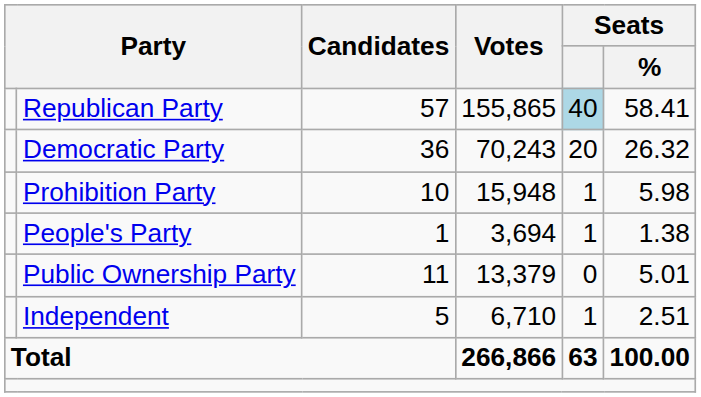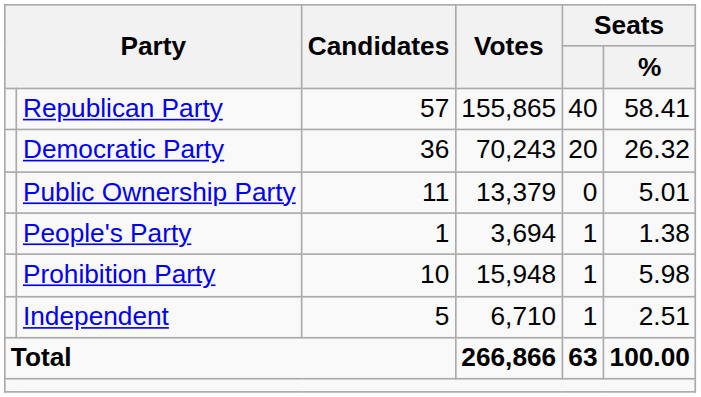 <table class="wikitable">
 <tr>
 <th colspan="2" rowspan="2">Party</th>
 <th rowspan="2">Candidates</th>
 <th colspan="1" rowspan="2">Votes</th>
 <th colspan="2">Seats</th>
 </tr>
 <tr>
 <th></th>
 <th>%</th>
 </tr>
 <tr>
 <td style="background-color:"></td>
 <td><a href='#'>Republican Party</a></td>
 <td align="right">57</td>
 <td align="right">155,865</td>
-<td align="right" style="background: lightblue;">40</td>
+<td align="right">40</td>
 <td align="right">58.41</td>
 </tr>
 <tr>
 <td style="background-color:"></td>
 <td><a href='#'>Democratic Party</a></td>
 <td align="right">36</td>
 <td align="right">70,243</td>
 <td align="right">20</td>
 <td align="right">26.32</td>
 </tr>
 <tr>
 <td style="background-color:"></td>
-<td><a href='#'>Prohibition Party</a></td>
-<td align="right">10</td>
-<td align="right">15,948</td>
-<td align="right">1</td>
-<td align="right">5.98</td>
+<td><a href='#'>Public Ownership Party</a></td>
+<td align="right">11</td>
+<td align="right">13,379</td>
+<td align="right">0</td>
+<td align="right">5.01</td>
 </tr>
 <tr>
 <td style="background-color:"></td>
 <td><a href='#'>People's Party</a></td>
 <td align="right">1</td>
 <td align="right">3,694</td>
 <td align="right">1</td>
 <td align="right">1.38</td>
 </tr>
 <tr>
 <td style="background-color:"></td>
-<td><a href='#'>Public Ownership Party</a></td>
-<td align="right">11</td>
-<td align="right">13,379</td>
-<td align="right">0</td>
-<td align="right">5.01</td>
+<td><a href='#'>Prohibition Party</a></td>
+<td align="right">10</td>
+<td align="right">15,948</td>
+<td align="right">1</td>
+<td align="right">5.98</td>
 </tr>
 <tr>
 <td style="background-color:"></td>
 <td><a href='#'>Independent</a></td>
 <td align="right">5</td>
 <td align="right">6,710</td>
 <td align="right">1</td>
 <td align="right">2.51</td>
 </tr>
 <tr>
 <td colspan="3" align="left"><strong>Total</strong></td>
 <td align="right"><strong>266,866</strong></td>
 <td align="right"><strong>63</strong></td>
 <td align="right"><strong>100.00</strong></td>
 </tr>
 <tr>
 <td colspan="6"></td>
 </tr>
 </table>
